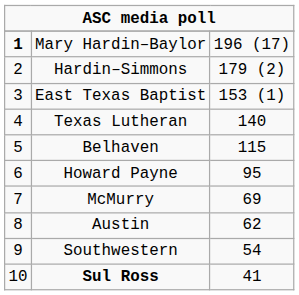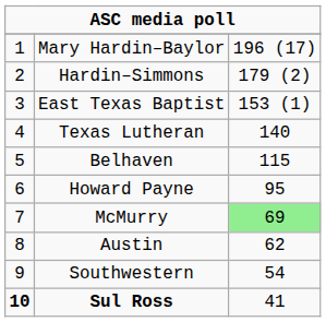 <table class="wikitable" style="display: inline-table;">
 <tr>
 <td align="center" Colspan="3"><strong>ASC media poll</strong></td>
 </tr>
 <tr align="center">
 </tr>
 <tr align="center">
-<td><strong>1</strong></td>
+<td>1</td>
 <td>Mary Hardin–Baylor</td>
 <td>196 (17)</td>
 </tr>
 <tr align="center">
 <td>2</td>
 <td>Hardin–Simmons</td>
 <td>179 (2)</td>
 </tr>
 <tr align="center">
 <td>3</td>
 <td>East Texas Baptist</td>
 <td>153 (1)</td>
 </tr>
 <tr align="center">
 <td>4</td>
 <td>Texas Lutheran</td>
 <td>140</td>
 </tr>
 <tr align="center">
 <td>5</td>
 <td>Belhaven</td>
 <td>115</td>
 </tr>
 <tr align="center">
 <td>6</td>
 <td>Howard Payne</td>
 <td>95</td>
 </tr>
 <tr align="center">
 <td>7</td>
 <td>McMurry</td>
-<td>69</td>
+<td style="background: lightgreen;">69</td>
 </tr>
 <tr align="center">
 <td>8</td>
 <td>Austin</td>
 <td>62</td>
 </tr>
 <tr align="center">
 <td>9</td>
 <td>Southwestern</td>
 <td>54</td>
 </tr>
 <tr align="center">
-<td>10</td>
+<td><strong>10</strong></td>
 <td><strong>Sul Ross</strong></td>
 <td>41</td>
 </tr>
 </table>
